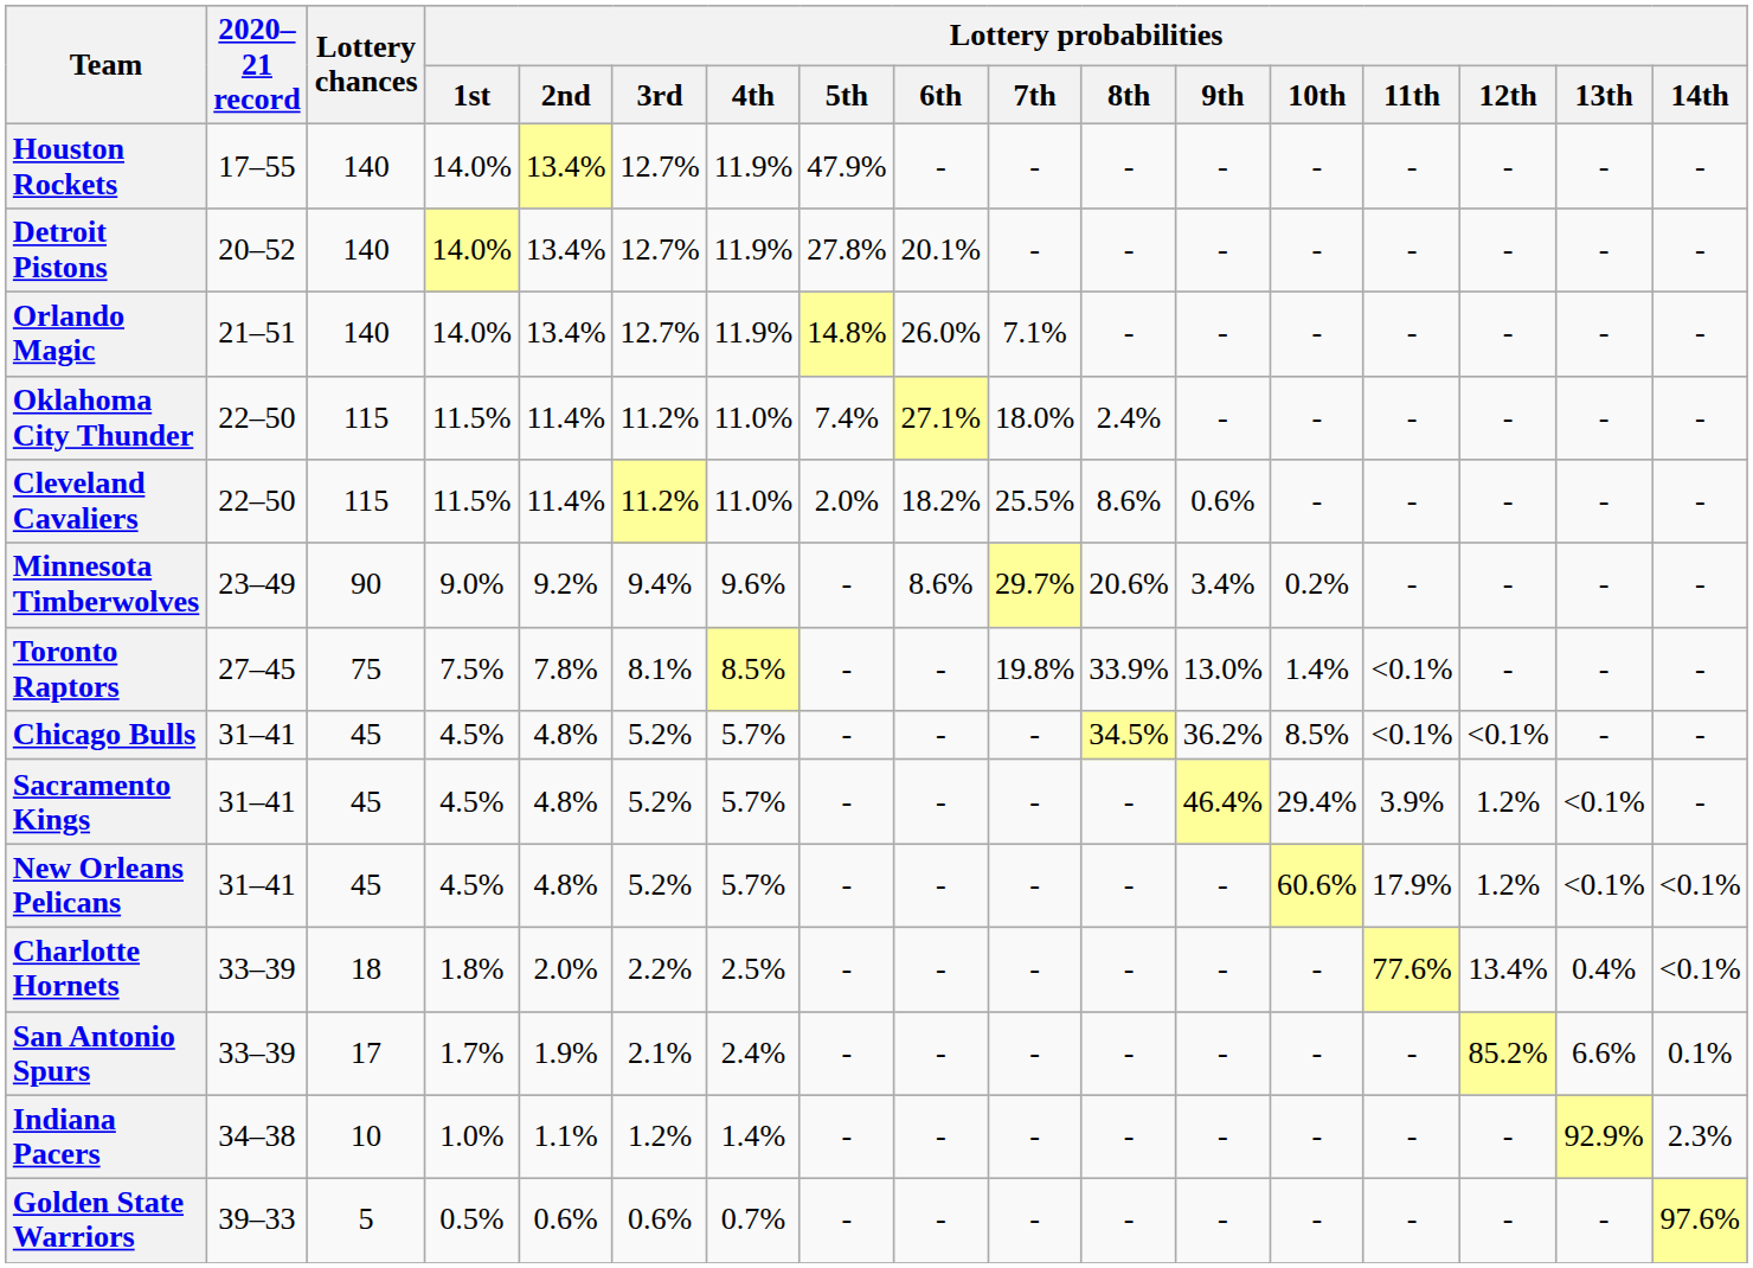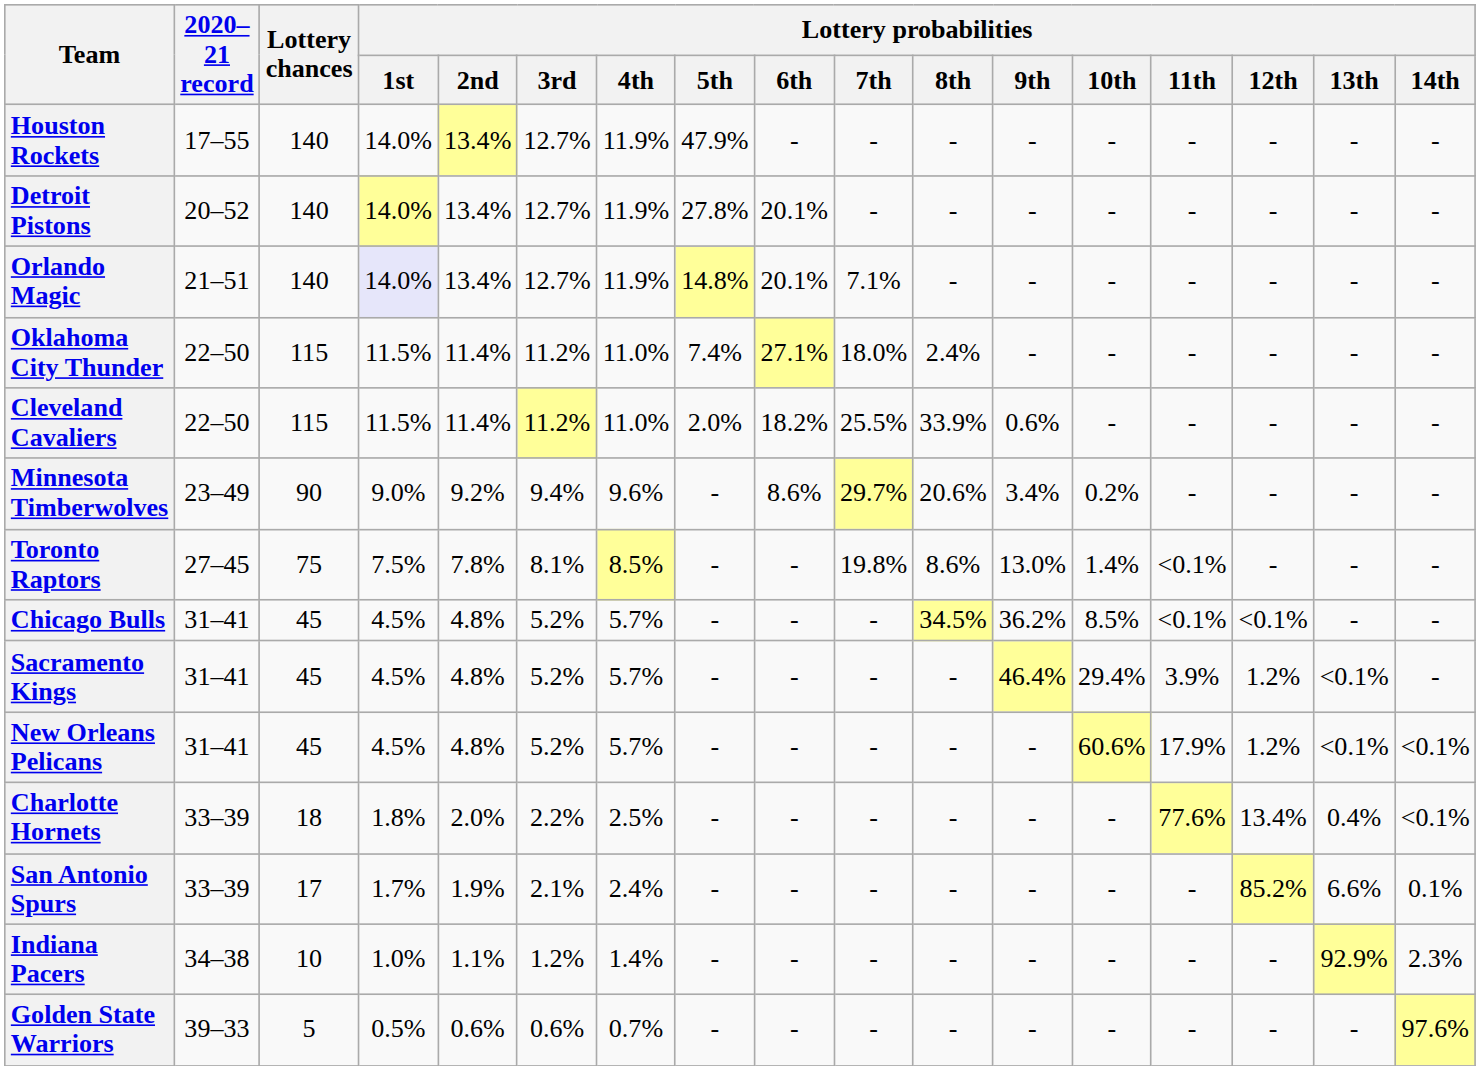 <table class="wikitable plainrowheaders" style="text-align:center">
 <tr>
 <th scope="col" rowspan="2">Team</th>
 <th scope="col" rowspan="2"><a href='#'>2020–21<br>record</a></th>
 <th scope="col" rowspan="2">Lottery<br>chances</th>
 <th scope="col" colspan="14">Lottery probabilities</th>
 </tr>
 <tr>
 <th>1st</th>
 <th>2nd</th>
 <th>3rd</th>
 <th>4th</th>
 <th>5th</th>
 <th>6th</th>
 <th>7th</th>
 <th>8th</th>
 <th>9th</th>
 <th>10th</th>
 <th>11th</th>
 <th>12th</th>
 <th>13th</th>
 <th>14th</th>
 </tr>
 <tr>
 <th scope="row" style="text-align:left;"><a href='#'>Houston Rockets</a></th>
 <td>17–55</td>
 <td>140</td>
 <td>14.0%</td>
 <td style="background:#ff9;">13.4%</td>
 <td>12.7%</td>
 <td>11.9%</td>
 <td>47.9%</td>
 <td>-</td>
 <td>-</td>
 <td>-</td>
 <td>-</td>
 <td>-</td>
 <td>-</td>
 <td>-</td>
 <td>-</td>
 <td>-</td>
 </tr>
 <tr>
 <th scope="row" style="text-align:left;"><a href='#'>Detroit Pistons</a></th>
 <td>20–52</td>
 <td>140</td>
 <td style="background:#ff9;">14.0%</td>
 <td>13.4%</td>
 <td>12.7%</td>
 <td>11.9%</td>
 <td>27.8%</td>
 <td>20.1%</td>
 <td>-</td>
 <td>-</td>
 <td>-</td>
 <td>-</td>
 <td>-</td>
 <td>-</td>
 <td>-</td>
 <td>-</td>
 </tr>
 <tr>
 <th scope="row" style="text-align:left;"><a href='#'>Orlando Magic</a></th>
 <td>21–51</td>
 <td>140</td>
-<td>14.0%</td>
+<td style="background: lavender;">14.0%</td>
 <td>13.4%</td>
 <td>12.7%</td>
 <td>11.9%</td>
 <td style="background:#ff9;">14.8%</td>
-<td>26.0%</td>
+<td>20.1%</td>
 <td>7.1%</td>
 <td>-</td>
 <td>-</td>
 <td>-</td>
 <td>-</td>
 <td>-</td>
 <td>-</td>
 <td>-</td>
 </tr>
 <tr>
 <th scope="row" style="text-align:left;"><a href='#'>Oklahoma City Thunder</a></th>
 <td>22–50</td>
 <td>115</td>
 <td>11.5%</td>
 <td>11.4%</td>
 <td>11.2%</td>
 <td>11.0%</td>
 <td>7.4%</td>
 <td style="background:#ff9;">27.1%</td>
 <td>18.0%</td>
 <td>2.4%</td>
 <td>-</td>
 <td>-</td>
 <td>-</td>
 <td>-</td>
 <td>-</td>
 <td>-</td>
 </tr>
 <tr>
 <th scope="row" style="text-align:left;"><a href='#'>Cleveland Cavaliers</a></th>
 <td>22–50</td>
 <td>115</td>
 <td>11.5%</td>
 <td>11.4%</td>
 <td style="background:#ff9;">11.2%</td>
 <td>11.0%</td>
 <td>2.0%</td>
 <td>18.2%</td>
 <td>25.5%</td>
-<td>8.6%</td>
+<td>33.9%</td>
 <td>0.6%</td>
 <td>-</td>
 <td>-</td>
 <td>-</td>
 <td>-</td>
 <td>-</td>
 </tr>
 <tr>
 <th scope="row" style="text-align:left;"><a href='#'>Minnesota Timberwolves</a></th>
 <td>23–49</td>
 <td>90</td>
 <td>9.0%</td>
 <td>9.2%</td>
 <td>9.4%</td>
 <td>9.6%</td>
 <td>-</td>
 <td>8.6%</td>
 <td style="background:#ff9;">29.7%</td>
 <td>20.6%</td>
 <td>3.4%</td>
 <td>0.2%</td>
 <td>-</td>
 <td>-</td>
 <td>-</td>
 <td>-</td>
 </tr>
 <tr>
 <th scope="row" style="text-align:left;"><a href='#'>Toronto Raptors</a></th>
 <td>27–45</td>
 <td>75</td>
 <td>7.5%</td>
 <td>7.8%</td>
 <td>8.1%</td>
 <td style="background:#ff9;">8.5%</td>
 <td>-</td>
 <td>-</td>
 <td>19.8%</td>
-<td>33.9%</td>
+<td>8.6%</td>
 <td>13.0%</td>
 <td>1.4%</td>
 <td><0.1%</td>
 <td>-</td>
 <td>-</td>
 <td>-</td>
 </tr>
 <tr>
 <th scope="row" style="text-align:left;"><a href='#'>Chicago Bulls</a></th>
 <td>31–41</td>
 <td>45</td>
 <td>4.5%</td>
 <td>4.8%</td>
 <td>5.2%</td>
 <td>5.7%</td>
 <td>-</td>
 <td>-</td>
 <td>-</td>
 <td style="background:#ff9;">34.5%</td>
 <td>36.2%</td>
 <td>8.5%</td>
 <td><0.1%</td>
 <td><0.1%</td>
 <td>-</td>
 <td>-</td>
 </tr>
 <tr>
 <th scope="row" style="text-align:left;"><a href='#'>Sacramento Kings</a></th>
 <td>31–41</td>
 <td>45</td>
 <td>4.5%</td>
 <td>4.8%</td>
 <td>5.2%</td>
 <td>5.7%</td>
 <td>-</td>
 <td>-</td>
 <td>-</td>
 <td>-</td>
 <td style="background:#ff9;">46.4%</td>
 <td>29.4%</td>
 <td>3.9%</td>
 <td>1.2%</td>
 <td><0.1%</td>
 <td>-</td>
 </tr>
 <tr>
 <th scope="row" style="text-align:left;"><a href='#'>New Orleans Pelicans</a></th>
 <td>31–41</td>
 <td>45</td>
 <td>4.5%</td>
 <td>4.8%</td>
 <td>5.2%</td>
 <td>5.7%</td>
 <td>-</td>
 <td>-</td>
 <td>-</td>
 <td>-</td>
 <td>-</td>
 <td style="background:#ff9;">60.6%</td>
 <td>17.9%</td>
 <td>1.2%</td>
 <td><0.1%</td>
 <td><0.1%</td>
 </tr>
 <tr>
 <th scope="row" style="text-align:left;"><a href='#'>Charlotte Hornets</a></th>
 <td>33–39</td>
 <td>18</td>
 <td>1.8%</td>
 <td>2.0%</td>
 <td>2.2%</td>
 <td>2.5%</td>
 <td>-</td>
 <td>-</td>
 <td>-</td>
 <td>-</td>
 <td>-</td>
 <td>-</td>
 <td style="background:#ff9;">77.6%</td>
 <td>13.4%</td>
 <td>0.4%</td>
 <td><0.1%</td>
 </tr>
 <tr>
 <th scope="row" style="text-align:left;"><a href='#'>San Antonio Spurs</a></th>
 <td>33–39</td>
 <td>17</td>
 <td>1.7%</td>
 <td>1.9%</td>
 <td>2.1%</td>
 <td>2.4%</td>
 <td>-</td>
 <td>-</td>
 <td>-</td>
 <td>-</td>
 <td>-</td>
 <td>-</td>
 <td>-</td>
 <td style="background:#ff9;">85.2%</td>
 <td>6.6%</td>
 <td>0.1%</td>
 </tr>
 <tr>
 <th scope="row" style="text-align:left;"><a href='#'>Indiana Pacers</a></th>
 <td>34–38</td>
 <td>10</td>
 <td>1.0%</td>
 <td>1.1%</td>
 <td>1.2%</td>
 <td>1.4%</td>
 <td>-</td>
 <td>-</td>
 <td>-</td>
 <td>-</td>
 <td>-</td>
 <td>-</td>
 <td>-</td>
 <td>-</td>
 <td style="background:#ff9;">92.9%</td>
 <td>2.3%</td>
 </tr>
 <tr>
 <th scope="row" style="text-align:left;"><a href='#'>Golden State Warriors</a></th>
 <td>39–33</td>
 <td>5</td>
 <td>0.5%</td>
 <td>0.6%</td>
 <td>0.6%</td>
 <td>0.7%</td>
 <td>-</td>
 <td>-</td>
 <td>-</td>
 <td>-</td>
 <td>-</td>
 <td>-</td>
 <td>-</td>
 <td>-</td>
 <td>-</td>
 <td style="background:#ff9;">97.6%</td>
 </tr>
 </table>
